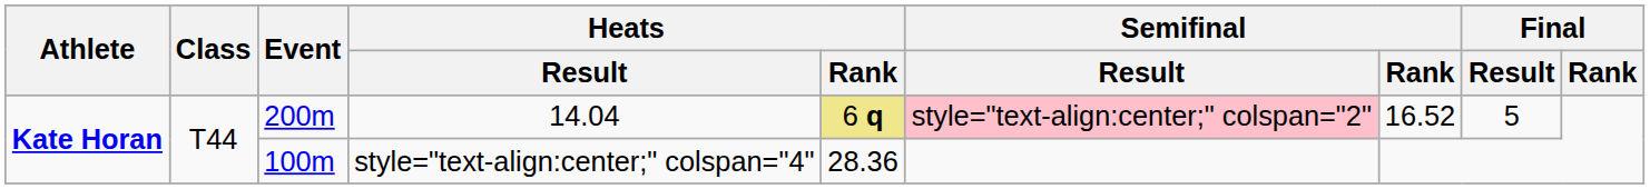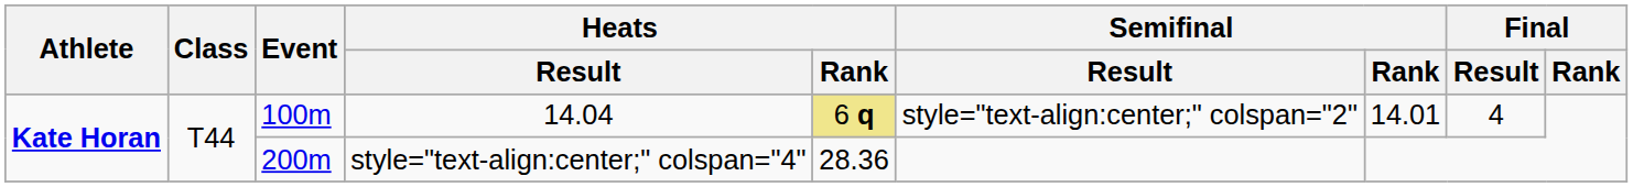 <table class=wikitable style="font-size:90%">
 <tr>
 <th rowspan="2">Athlete</th>
 <th rowspan="2">Class</th>
 <th rowspan="2">Event</th>
 <th colspan="2">Heats</th>
 <th colspan="2">Semifinal</th>
 <th colspan="2">Final</th>
 </tr>
 <tr>
 <th>Result</th>
 <th>Rank</th>
 <th>Result</th>
 <th>Rank</th>
 <th>Result</th>
 <th>Rank</th>
 </tr>
 <tr>
 <td rowspan="2"><strong><a href='#'>Kate Horan</a></strong></td>
 <td rowspan="2" style="text-align:center;">T44</td>
-<td><a href='#'>200m</a></td>
+<td><a href='#'>100m</a></td>
 <td style="text-align:center;">14.04</td>
 <td style="background: khaki; text-align:center;">6 <strong>q</strong></td>
-<td style="background: pink;">style="text-align:center;" colspan="2" </td>
-<td style="text-align:center;">16.52</td>
-<td style="text-align:center;">5</td>
+<td>style="text-align:center;" colspan="2" </td>
+<td style="text-align:center;">14.01</td>
+<td style="text-align:center;">4</td>
 </tr>
 <tr>
-<td><a href='#'>100m</a></td>
+<td><a href='#'>200m</a></td>
 <td>style="text-align:center;" colspan="4" </td>
 <td style="text-align:center;">28.36</td>
 <td style="text-align:center;"></td>
 </tr>
 </table>
